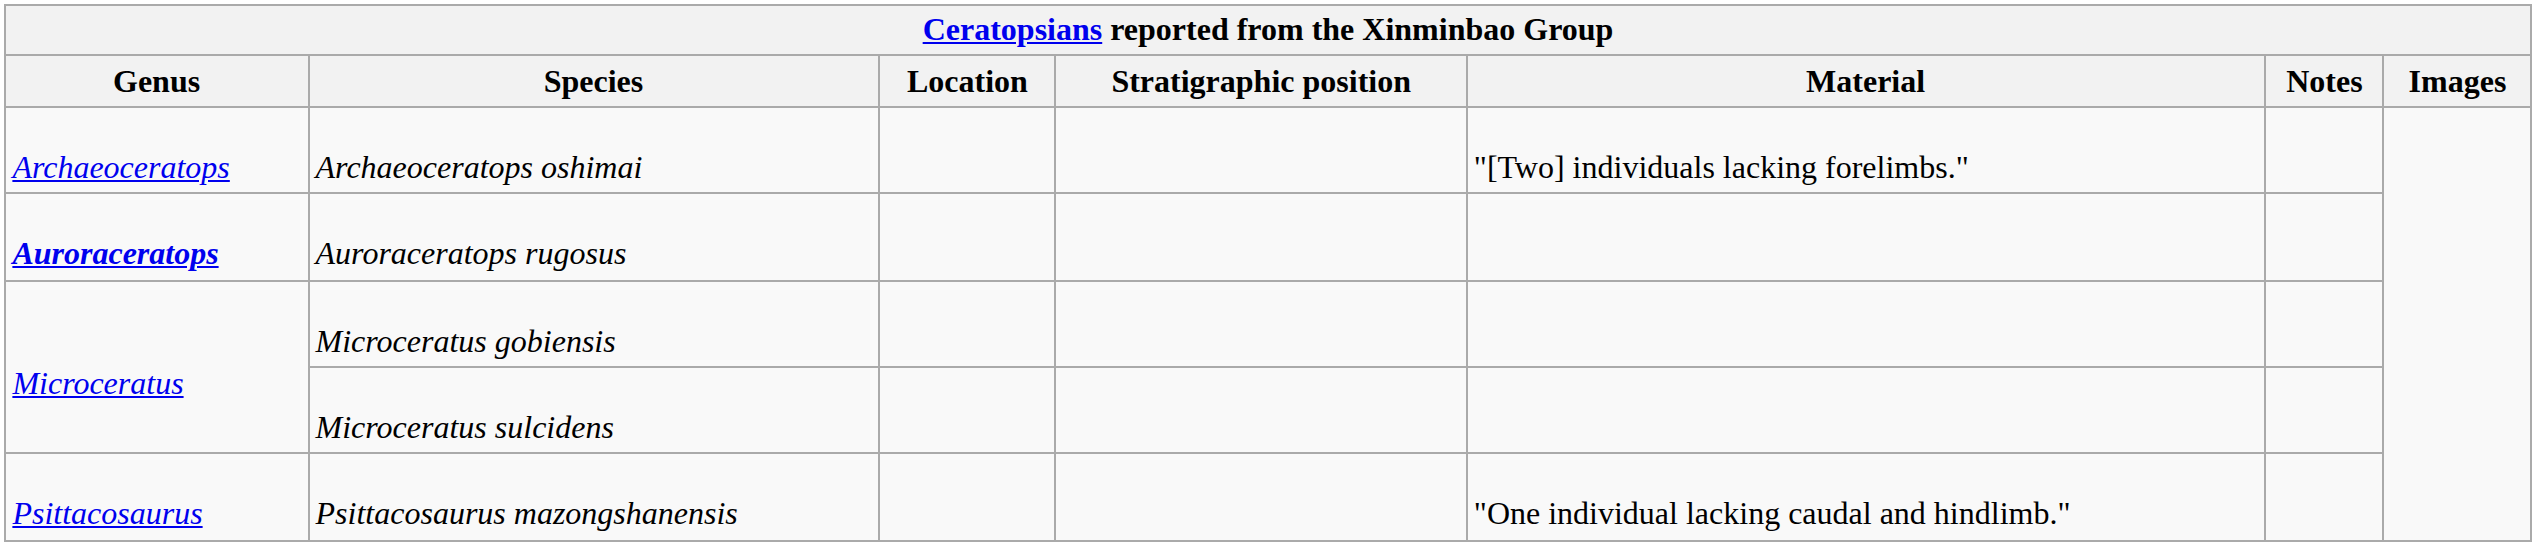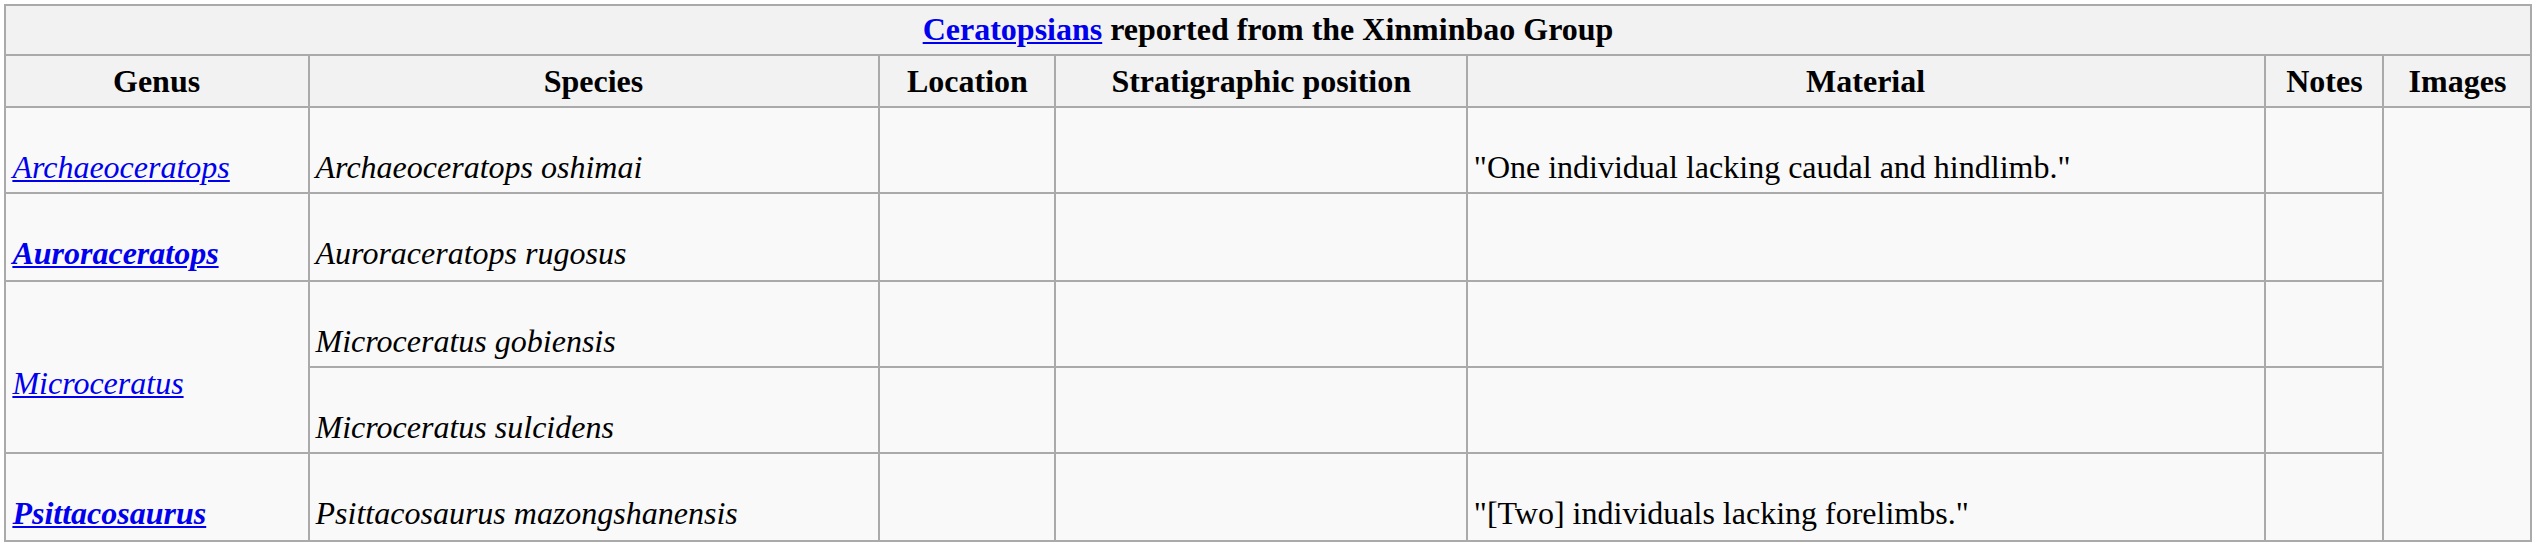 <table class="wikitable" align="center" width="100%">
 <tr>
 <th colspan="7" align="center"><strong><a href='#'>Ceratopsians</a> reported from the Xinminbao Group</strong></th>
 </tr>
 <tr>
 <th>Genus</th>
 <th>Species</th>
 <th>Location</th>
 <th>Stratigraphic position</th>
 <th>Material</th>
 <th>Notes</th>
 <th>Images</th>
 </tr>
 <tr>
 <td><br><em><a href='#'>Archaeoceratops</a></em></td>
 <td><br><em>Archaeoceratops oshimai</em></td>
 <td></td>
 <td></td>
-<td><br>"[Two] individuals lacking forelimbs."</td>
+<td><br>"One individual lacking caudal and hindlimb."</td>
 <td></td>
 <td rowspan="99"><br> </td>
 </tr>
 <tr>
 <td><strong><br><em><a href='#'>Auroraceratops</a></em></strong></td>
 <td><br><em>Auroraceratops rugosus</em></td>
 <td></td>
 <td></td>
 <td></td>
 <td></td>
 </tr>
 <tr>
 <td rowspan="2"><br><em><a href='#'>Microceratus</a></em></td>
 <td><br><em>Microceratus gobiensis</em></td>
 <td></td>
 <td></td>
 <td></td>
 <td></td>
 </tr>
 <tr>
 <td><br><em>Microceratus sulcidens</em></td>
 <td></td>
 <td></td>
 <td></td>
 <td></td>
 </tr>
 <tr>
-<td><br><em><a href='#'>Psittacosaurus</a></em></td>
+<td><strong><br><em><a href='#'>Psittacosaurus</a></em></strong></td>
 <td><br><em>Psittacosaurus mazongshanensis</em></td>
 <td></td>
 <td></td>
-<td><br>"One individual lacking caudal and hindlimb."</td>
+<td><br>"[Two] individuals lacking forelimbs."</td>
 <td></td>
 </tr>
 <tr>
 </tr>
 </table>
